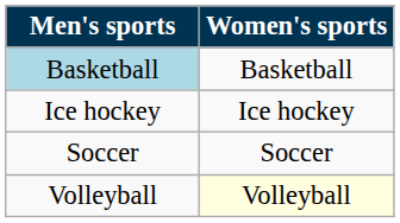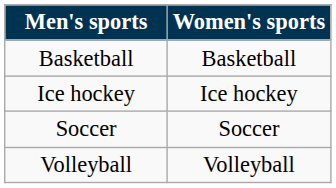 <table class="wikitable floatleft" style="text-align:center">
 <tr>
 <th width="50%" style="background:#003352;color:white;">Men's sports</th>
 <th width="50%" style="background:#003352;color:white;">Women's sports</th>
 </tr>
 <tr>
-<td style="background: lightblue;">Basketball</td>
+<td>Basketball</td>
 <td>Basketball</td>
 </tr>
 <tr>
 <td>Ice hockey</td>
 <td>Ice hockey</td>
 </tr>
 <tr>
 <td>Soccer</td>
 <td>Soccer</td>
 </tr>
 <tr>
 <td>Volleyball</td>
-<td style="background: lightyellow;">Volleyball</td>
+<td>Volleyball</td>
 </tr>
 </table>
